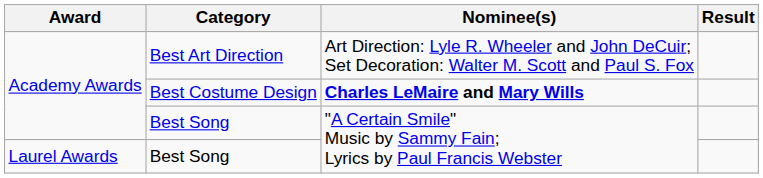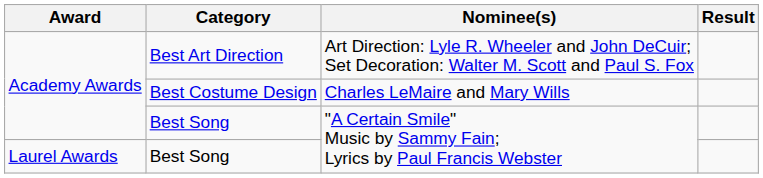 <table class="wikitable plainrowheaders">
 <tr>
 <th>Award</th>
 <th>Category</th>
 <th>Nominee(s)</th>
 <th>Result</th>
 </tr>
 <tr>
 <td rowspan="3"><a href='#'>Academy Awards</a></td>
 <td><a href='#'>Best Art Direction</a></td>
 <td>Art Direction: <a href='#'>Lyle R. Wheeler</a> and <a href='#'>John DeCuir</a>; <br> Set Decoration: <a href='#'>Walter M. Scott</a> and <a href='#'>Paul S. Fox</a></td>
 <td></td>
 </tr>
 <tr>
 <td><a href='#'>Best Costume Design</a></td>
-<td><strong><a href='#'>Charles LeMaire</a> and <a href='#'>Mary Wills</a></strong></td>
+<td><a href='#'>Charles LeMaire</a> and <a href='#'>Mary Wills</a></td>
 <td></td>
 </tr>
 <tr>
 <td><a href='#'>Best Song</a></td>
 <td rowspan="2">"<a href='#'>A Certain Smile</a>" <br> Music by <a href='#'>Sammy Fain</a>; <br> Lyrics by <a href='#'>Paul Francis Webster</a></td>
 <td></td>
 </tr>
 <tr>
 <td><a href='#'>Laurel Awards</a></td>
 <td>Best Song</td>
 <td></td>
 </tr>
 </table>
